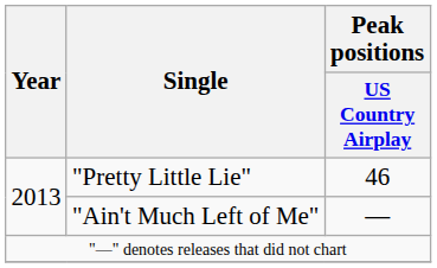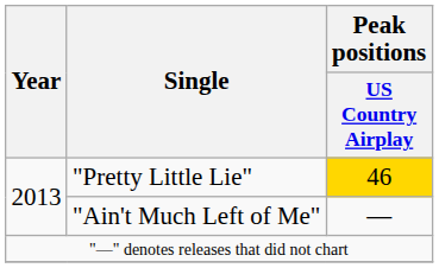 <table class="wikitable" style="text-align:center;">
 <tr>
 <th rowspan="2">Year</th>
 <th rowspan="2">Single</th>
 <th>Peak positions</th>
 </tr>
 <tr style="font-size:smaller;">
 <th width="45"><a href='#'>US Country Airplay</a><br></th>
 </tr>
 <tr>
 <td rowspan="2">2013</td>
 <td align="left">"Pretty Little Lie"</td>
-<td>46</td>
+<td style="background: gold;">46</td>
 </tr>
 <tr>
 <td align="left">"Ain't Much Left of Me"</td>
 <td>—</td>
 </tr>
 <tr>
 <td colspan="3" style="font-size:8pt">"—" denotes releases that did not chart</td>
 </tr>
 <tr>
 </tr>
 </table>
